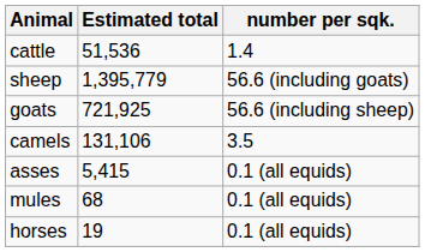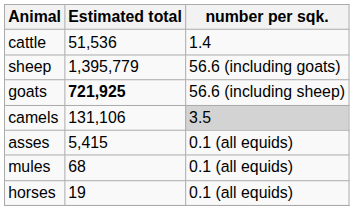 <table align="center" class="wikitable">
 <tr>
 <th>Animal</th>
 <th>Estimated total</th>
 <th>number per sqk.</th>
 </tr>
 <tr>
 <td>cattle</td>
 <td>51,536</td>
 <td>1.4</td>
 </tr>
 <tr>
 <td>sheep</td>
 <td>1,395,779</td>
 <td>56.6 (including goats)</td>
 </tr>
 <tr>
 <td>goats</td>
-<td>721,925</td>
+<td><strong>721,925</strong></td>
 <td>56.6 (including sheep)</td>
 </tr>
 <tr>
 <td>camels</td>
 <td>131,106</td>
-<td>3.5</td>
+<td style="background: lightgrey;">3.5</td>
 </tr>
 <tr>
 <td>asses</td>
 <td>5,415</td>
 <td>0.1 (all equids)</td>
 </tr>
 <tr>
 <td>mules</td>
 <td>68</td>
 <td>0.1 (all equids)</td>
 </tr>
 <tr>
 <td>horses</td>
 <td>19</td>
 <td>0.1 (all equids)</td>
 </tr>
 <tr>
 </tr>
 </table>
